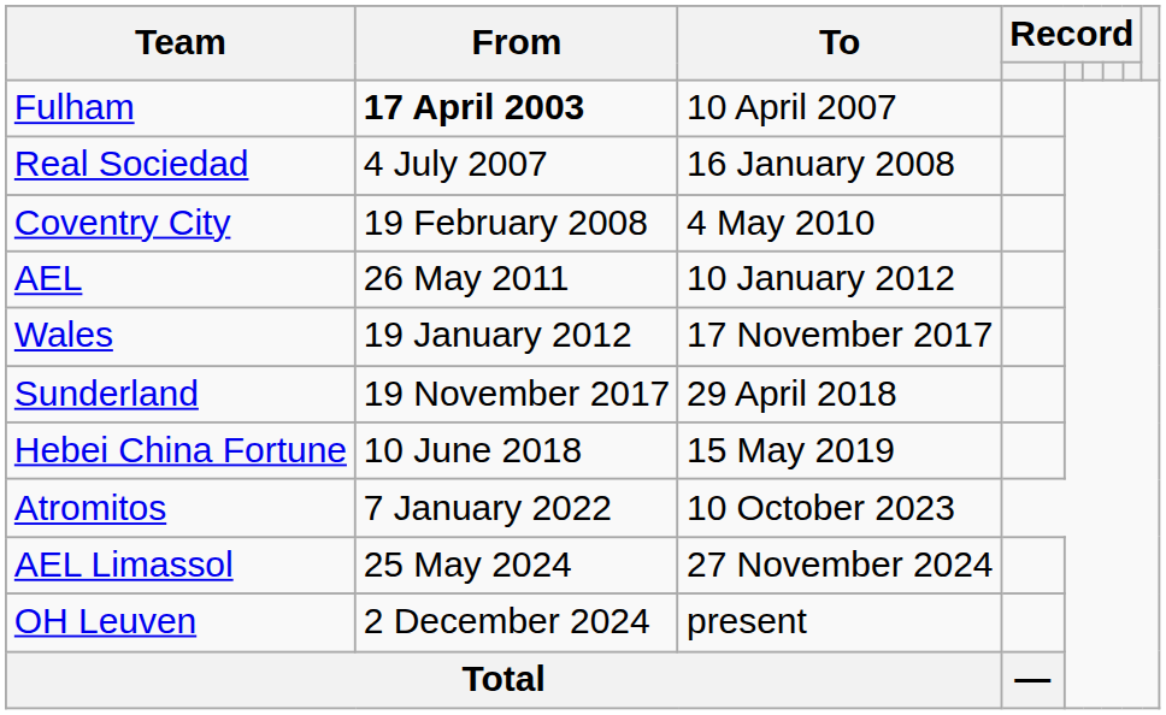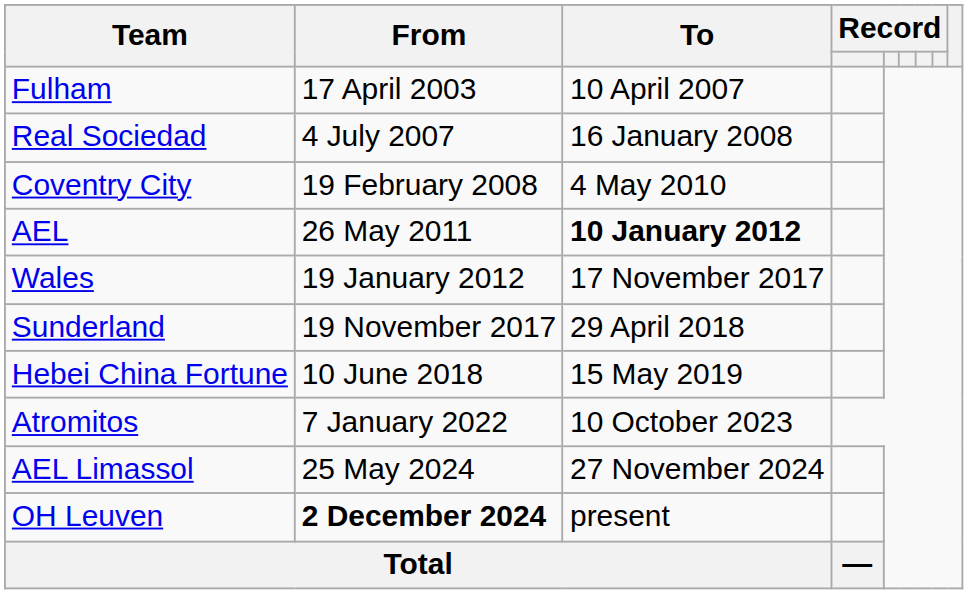 <table class=wikitable style=text-align:center>
 <tr>
 <th rowspan=2>Team</th>
 <th rowspan=2>From</th>
 <th rowspan=2>To</th>
 <th colspan=5>Record</th>
 <th rowspan=2></th>
 </tr>
 <tr>
 <th></th>
 <th></th>
 <th></th>
 <th></th>
 <th></th>
 </tr>
 <tr>
 <td align=left><a href='#'>Fulham</a></td>
-<td align=left><strong>17 April 2003</strong></td>
+<td align=left>17 April 2003</td>
 <td align=left>10 April 2007<br></td>
 <td></td>
 </tr>
 <tr>
 <td align=left><a href='#'>Real Sociedad</a></td>
 <td align=left>4 July 2007</td>
 <td align=left>16 January 2008<br></td>
 <td></td>
 </tr>
 <tr>
 <td align=left><a href='#'>Coventry City</a></td>
 <td align=left>19 February 2008</td>
 <td align=left>4 May 2010<br></td>
 <td></td>
 </tr>
 <tr>
 <td align=left><a href='#'>AEL</a></td>
 <td align=left>26 May 2011</td>
-<td align=left>10 January 2012<br></td>
+<td align=left><strong>10 January 2012<br></strong></td>
 <td></td>
 </tr>
 <tr>
 <td align=left><a href='#'>Wales</a></td>
 <td align=left>19 January 2012</td>
 <td align=left>17 November 2017<br></td>
 <td></td>
 </tr>
 <tr>
 <td align=left><a href='#'>Sunderland</a></td>
 <td align=left>19 November 2017</td>
 <td align=left>29 April 2018<br></td>
 <td></td>
 </tr>
 <tr>
 <td align=left><a href='#'>Hebei China Fortune</a></td>
 <td align=left>10 June 2018</td>
 <td align=left>15 May 2019<br></td>
 <td></td>
 </tr>
 <tr>
 <td align=left><a href='#'>Atromitos</a></td>
 <td align=left>7 January 2022</td>
 <td align=left>10 October 2023<br></td>
 </tr>
 <tr>
 <td align=left><a href='#'>AEL Limassol</a></td>
 <td align=left>25 May 2024</td>
 <td align=left>27 November 2024<br></td>
 <td></td>
 </tr>
 <tr>
 <td align=left><a href='#'>OH Leuven</a></td>
-<td align=left>2 December 2024</td>
+<td align=left><strong>2 December 2024</strong></td>
 <td align=left>present<br></td>
 <td></td>
 </tr>
 <tr>
 <th colspan=3>Total<br></th>
 <th>—</th>
 </tr>
 </table>
